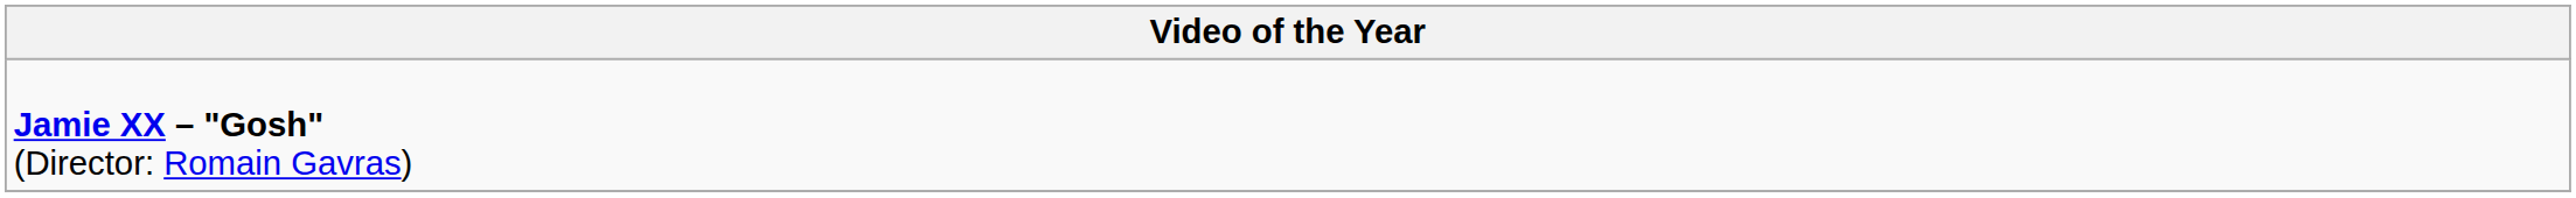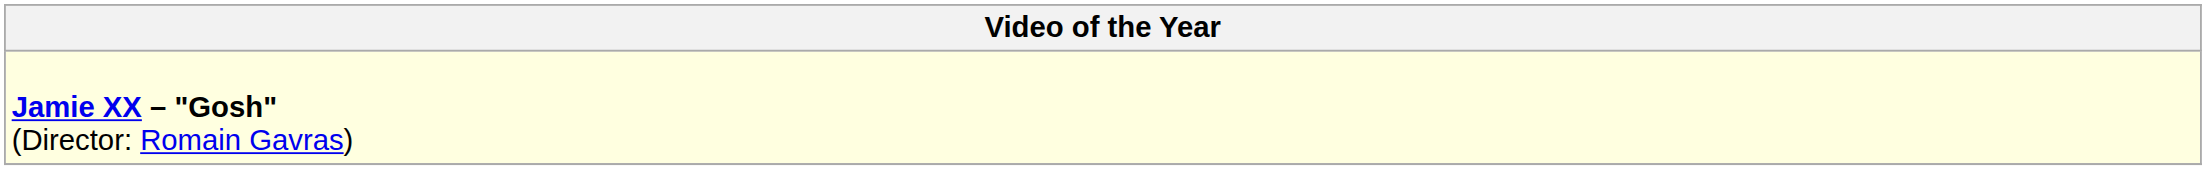 <table class="wikitable" style="width:95%">
 <tr bgcolor="#bebebe">
 <th width="100%">Video of the Year</th>
 </tr>
 <tr>
-<td valign="top"><br><strong><a href='#'>Jamie XX</a> – "Gosh"</strong> <br> (Director: <a href='#'>Romain Gavras</a>)</td>
+<td valign="top" style="background: lightyellow;"><br><strong><a href='#'>Jamie XX</a> – "Gosh"</strong> <br> (Director: <a href='#'>Romain Gavras</a>)</td>
 </tr>
 <tr>
 </tr>
 </table>
